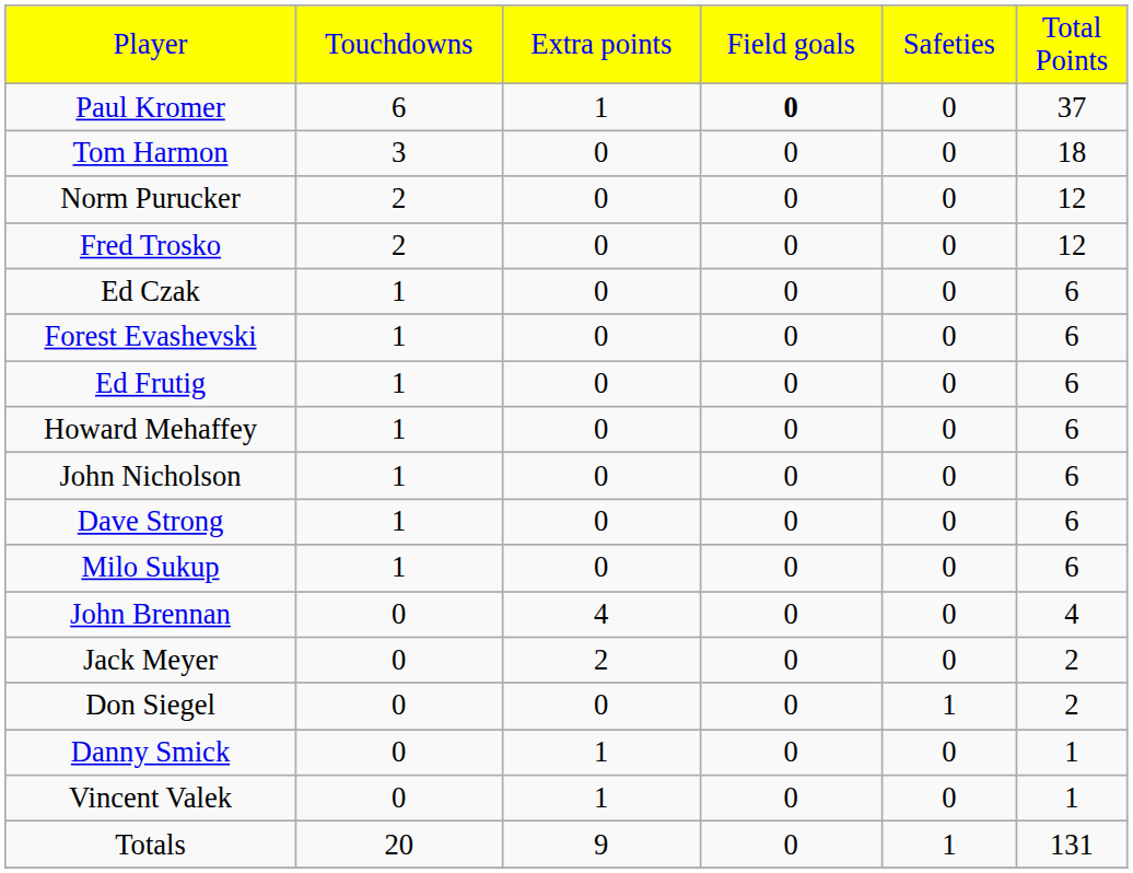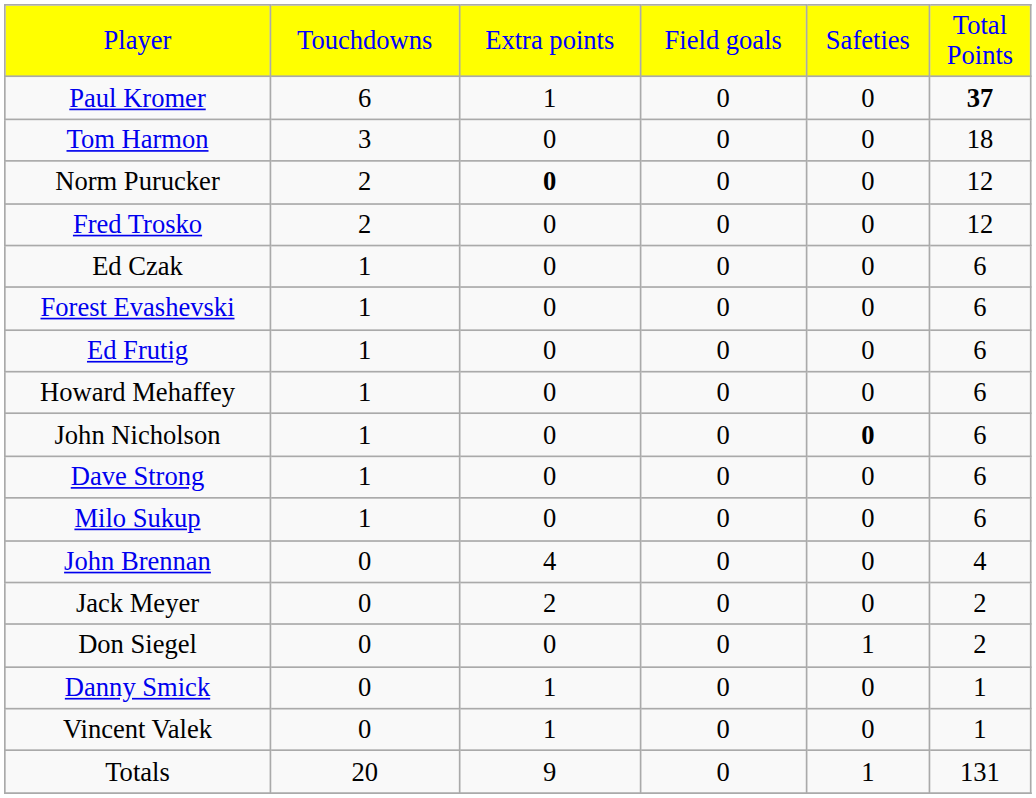 <table class="wikitable" width="70%">
 <tr align="center"  style="background:yellow;color:blue;">
 <td>Player</td>
 <td>Touchdowns</td>
 <td>Extra points</td>
 <td>Field goals</td>
 <td>Safeties</td>
 <td>Total<br>Points</td>
 </tr>
 <tr align="center" bgcolor="">
 <td><a href='#'>Paul Kromer</a></td>
 <td>6</td>
 <td>1</td>
-<td><strong>0</strong></td>
 <td>0</td>
-<td>37</td>
+<td>0</td>
+<td><strong>37</strong></td>
 </tr>
 <tr align="center" bgcolor="">
 <td><a href='#'>Tom Harmon</a></td>
 <td>3</td>
 <td>0</td>
 <td>0</td>
 <td>0</td>
 <td>18</td>
 </tr>
 <tr align="center" bgcolor="">
 <td>Norm Purucker</td>
 <td>2</td>
-<td>0</td>
+<td><strong>0</strong></td>
 <td>0</td>
 <td>0</td>
 <td>12</td>
 </tr>
 <tr align="center" bgcolor="">
 <td><a href='#'>Fred Trosko</a></td>
 <td>2</td>
 <td>0</td>
 <td>0</td>
 <td>0</td>
 <td>12</td>
 </tr>
 <tr align="center" bgcolor="">
 <td>Ed Czak</td>
 <td>1</td>
 <td>0</td>
 <td>0</td>
 <td>0</td>
 <td>6</td>
 </tr>
 <tr align="center" bgcolor="">
 <td><a href='#'>Forest Evashevski</a></td>
 <td>1</td>
 <td>0</td>
 <td>0</td>
 <td>0</td>
 <td>6</td>
 </tr>
 <tr align="center" bgcolor="">
 <td><a href='#'>Ed Frutig</a></td>
 <td>1</td>
 <td>0</td>
 <td>0</td>
 <td>0</td>
 <td>6</td>
 </tr>
 <tr align="center" bgcolor="">
 <td>Howard Mehaffey</td>
 <td>1</td>
 <td>0</td>
 <td>0</td>
 <td>0</td>
 <td>6</td>
 </tr>
 <tr align="center" bgcolor="">
 <td>John Nicholson</td>
 <td>1</td>
 <td>0</td>
 <td>0</td>
-<td>0</td>
+<td><strong>0</strong></td>
 <td>6</td>
 </tr>
 <tr align="center" bgcolor="">
 <td><a href='#'>Dave Strong</a></td>
 <td>1</td>
 <td>0</td>
 <td>0</td>
 <td>0</td>
 <td>6</td>
 </tr>
 <tr align="center" bgcolor="">
 <td><a href='#'>Milo Sukup</a></td>
 <td>1</td>
 <td>0</td>
 <td>0</td>
 <td>0</td>
 <td>6</td>
 </tr>
 <tr align="center" bgcolor="">
 <td><a href='#'>John Brennan</a></td>
 <td>0</td>
 <td>4</td>
 <td>0</td>
 <td>0</td>
 <td>4</td>
 </tr>
 <tr align="center" bgcolor="">
 <td>Jack Meyer</td>
 <td>0</td>
 <td>2</td>
 <td>0</td>
 <td>0</td>
 <td>2</td>
 </tr>
 <tr align="center" bgcolor="">
 <td>Don Siegel</td>
 <td>0</td>
 <td>0</td>
 <td>0</td>
 <td>1</td>
 <td>2</td>
 </tr>
 <tr align="center" bgcolor="">
 <td><a href='#'>Danny Smick</a></td>
 <td>0</td>
 <td>1</td>
 <td>0</td>
 <td>0</td>
 <td>1</td>
 </tr>
 <tr align="center" bgcolor="">
 <td>Vincent Valek</td>
 <td>0</td>
 <td>1</td>
 <td>0</td>
 <td>0</td>
 <td>1</td>
 </tr>
 <tr align="center" bgcolor="">
 <td>Totals</td>
 <td>20</td>
 <td>9</td>
 <td>0</td>
 <td>1</td>
 <td>131</td>
 </tr>
 <tr align="center" bgcolor="">
 </tr>
 </table>
